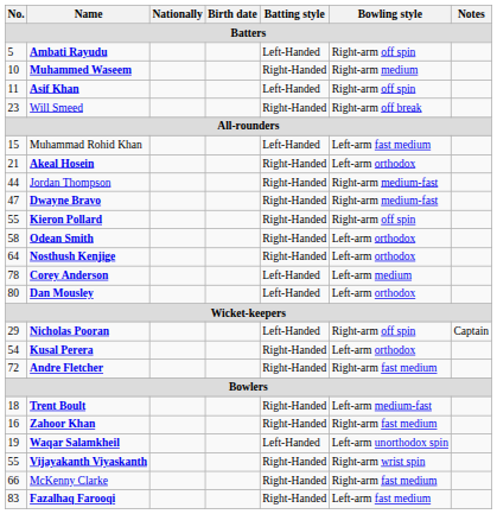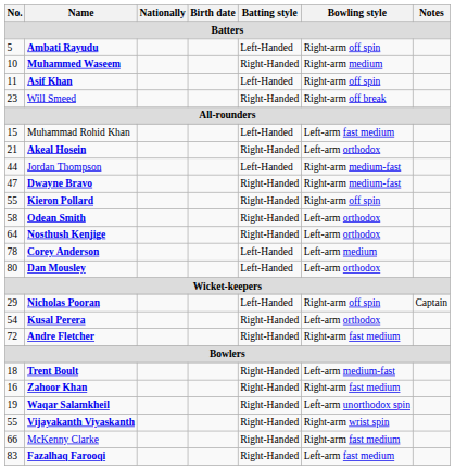 <table class="wikitable"  style="font-size:85%">
 <tr>
 <th>No.</th>
 <th>Name</th>
 <th>Nationally</th>
 <th>Birth date</th>
 <th>Batting style</th>
 <th>Bowling style</th>
 <th>Notes</th>
 </tr>
 <tr>
 <th colspan="7" style="background:#dcdcdc; text-align:center;">Batters</th>
 </tr>
 <tr>
 <td>5</td>
 <td><strong><a href='#'>Ambati Rayudu</a></strong></td>
 <td></td>
 <td></td>
 <td>Left-Handed</td>
 <td>Right-arm <a href='#'>off spin</a></td>
 <td></td>
 </tr>
 <tr>
 <td>10</td>
 <td><strong><a href='#'>Muhammed Waseem</a></strong></td>
 <td></td>
 <td></td>
 <td>Right-Handed</td>
 <td>Right-arm <a href='#'>medium</a></td>
 <td></td>
 </tr>
 <tr>
 <td>11</td>
 <td><strong><a href='#'>Asif Khan</a></strong></td>
 <td></td>
 <td></td>
 <td>Left-Handed</td>
 <td>Right-arm <a href='#'>off spin</a></td>
 <td></td>
 </tr>
 <tr>
 <td>23</td>
 <td><a href='#'>Will Smeed</a></td>
 <td></td>
 <td></td>
 <td>Right-Handed</td>
 <td>Right-arm <a href='#'>off break</a></td>
 <td></td>
 </tr>
 <tr>
 <th colspan="7" style="background:#dcdcdc; text-align:center;">All-rounders</th>
 </tr>
 <tr>
 <td>15</td>
 <td>Muhammad Rohid Khan</td>
 <td></td>
 <td></td>
 <td>Left-Handed</td>
 <td>Left-arm <a href='#'>fast medium</a></td>
 <td></td>
 </tr>
 <tr>
 <td>21</td>
 <td><strong><a href='#'>Akeal Hosein</a></strong></td>
 <td></td>
 <td></td>
 <td>Right-Handed</td>
 <td>Left-arm <a href='#'>orthodox</a></td>
 <td></td>
 </tr>
 <tr>
 <td>44</td>
 <td><a href='#'>Jordan Thompson</a></td>
 <td></td>
 <td></td>
-<td>Right-Handed</td>
+<td>Left-Handed</td>
 <td>Right-arm <a href='#'>medium-fast</a></td>
 <td></td>
 </tr>
 <tr>
 <td>47</td>
 <td><strong><a href='#'>Dwayne Bravo</a></strong></td>
 <td></td>
 <td></td>
 <td>Right-Handed</td>
 <td>Right-arm <a href='#'>medium-fast</a></td>
 <td></td>
 </tr>
 <tr>
 <td>55</td>
 <td><strong><a href='#'>Kieron Pollard</a></strong></td>
 <td></td>
 <td></td>
 <td>Right-Handed</td>
 <td>Right-arm <a href='#'>off spin</a></td>
 <td></td>
 </tr>
 <tr>
 <td>58</td>
 <td><strong><a href='#'>Odean Smith</a></strong></td>
 <td></td>
 <td></td>
 <td>Right-Handed</td>
 <td>Left-arm <a href='#'>orthodox</a></td>
 <td></td>
 </tr>
 <tr>
 <td>64</td>
 <td><strong><a href='#'>Nosthush Kenjige</a></strong></td>
 <td></td>
 <td></td>
 <td>Right-Handed</td>
 <td>Left-arm <a href='#'>orthodox</a></td>
 <td></td>
 </tr>
 <tr>
 <td>78</td>
 <td><strong><a href='#'>Corey Anderson</a></strong></td>
 <td></td>
 <td></td>
 <td>Left-Handed</td>
 <td>Left-arm <a href='#'>medium</a></td>
 <td></td>
 </tr>
 <tr>
 <td>80</td>
 <td><strong><a href='#'>Dan Mousley</a></strong></td>
 <td></td>
 <td></td>
 <td>Left-Handed</td>
 <td>Left-arm <a href='#'>orthodox</a></td>
 <td></td>
 </tr>
 <tr>
 <th colspan="7" style="background:#dcdcdc; text-align:center;">Wicket-keepers</th>
 </tr>
 <tr>
 <td>29</td>
 <td><strong><a href='#'>Nicholas Pooran</a></strong></td>
 <td></td>
 <td></td>
 <td>Left-Handed</td>
 <td>Right-arm <a href='#'>off spin</a></td>
 <td>Captain</td>
 </tr>
 <tr>
 <td>54</td>
 <td><strong><a href='#'>Kusal Perera</a></strong></td>
 <td></td>
 <td></td>
 <td>Right-Handed</td>
 <td>Left-arm <a href='#'>orthodox</a></td>
 <td></td>
 </tr>
 <tr>
 <td>72</td>
 <td><strong><a href='#'>Andre Fletcher</a></strong></td>
 <td></td>
 <td></td>
 <td>Right-Handed</td>
 <td>Right-arm <a href='#'>fast medium</a></td>
 <td></td>
 </tr>
 <tr>
 <th colspan="7" style="background:#dcdcdc; text-align:center;">Bowlers</th>
 </tr>
 <tr>
 <td>18</td>
 <td><strong><a href='#'>Trent Boult</a></strong></td>
 <td></td>
 <td></td>
 <td>Right-Handed</td>
 <td>Left-arm <a href='#'>medium-fast</a></td>
 <td></td>
 </tr>
 <tr>
 <td>16</td>
 <td><strong><a href='#'>Zahoor Khan</a></strong></td>
 <td></td>
 <td></td>
 <td>Right-Handed</td>
 <td>Right-arm <a href='#'>fast medium</a></td>
 <td></td>
 </tr>
 <tr>
 <td>19</td>
 <td><strong><a href='#'>Waqar Salamkheil</a></strong></td>
 <td></td>
 <td></td>
-<td>Left-Handed</td>
+<td>Right-Handed</td>
 <td>Left-arm <a href='#'>unorthodox spin</a></td>
 <td></td>
 </tr>
 <tr>
 <td>55</td>
 <td><strong><a href='#'>Vijayakanth Viyaskanth</a></strong></td>
 <td></td>
 <td></td>
 <td>Right-Handed</td>
 <td>Right-arm <a href='#'>wrist spin</a></td>
 <td></td>
 </tr>
 <tr>
 <td>66</td>
 <td><a href='#'>McKenny Clarke</a></td>
 <td></td>
 <td></td>
 <td>Right-Handed</td>
 <td>Right-arm <a href='#'>fast medium</a></td>
 <td></td>
 </tr>
 <tr>
 <td>83</td>
 <td><strong><a href='#'>Fazalhaq Farooqi</a></strong></td>
 <td></td>
 <td></td>
 <td>Right-Handed</td>
 <td>Left-arm <a href='#'>fast medium</a></td>
 <td></td>
 </tr>
 </table>
